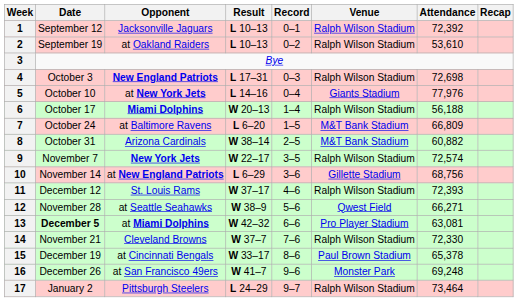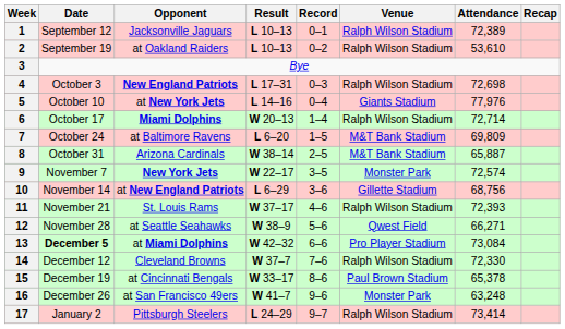 <table class="wikitable" style="text-align:center">
 <tr>
 <th>Week</th>
 <th>Date</th>
 <th>Opponent</th>
 <th>Result</th>
 <th>Record</th>
 <th>Venue</th>
 <th>Attendance</th>
 <th>Recap</th>
 </tr>
 <tr style="background:#fcc">
 <th>1</th>
 <td>September 12</td>
 <td><a href='#'>Jacksonville Jaguars</a></td>
 <td><strong>L</strong> 10–13</td>
 <td>0–1</td>
 <td><a href='#'>Ralph Wilson Stadium</a></td>
-<td>72,392</td>
+<td>72,389</td>
 <td></td>
 </tr>
 <tr style="background:#fcc">
 <th>2</th>
 <td>September 19</td>
 <td>at <a href='#'>Oakland Raiders</a></td>
 <td><strong>L</strong> 10–13</td>
 <td>0–2</td>
 <td>Ralph Wilson Stadium</td>
 <td>53,610</td>
 <td></td>
 </tr>
 <tr>
 <th>3</th>
 <td colspan="7"><em><a href='#'>Bye</a></em></td>
 </tr>
 <tr style="background:#fcc">
 <th>4</th>
 <td>October 3</td>
 <td><strong><a href='#'>New England Patriots</a></strong></td>
 <td><strong>L</strong> 17–31</td>
 <td>0–3</td>
 <td>Ralph Wilson Stadium</td>
 <td>72,698</td>
 <td></td>
 </tr>
 <tr style="background:#fcc">
 <th>5</th>
 <td>October 10</td>
 <td>at <strong><a href='#'>New York Jets</a></strong></td>
 <td><strong>L</strong> 14–16</td>
 <td>0–4</td>
 <td><a href='#'>Giants Stadium</a></td>
 <td>77,976</td>
 <td></td>
 </tr>
 <tr style="background:#cfc">
 <th>6</th>
 <td>October 17</td>
 <td><strong><a href='#'>Miami Dolphins</a></strong></td>
 <td><strong>W</strong> 20–13</td>
 <td>1–4</td>
 <td>Ralph Wilson Stadium</td>
-<td>56,188</td>
+<td>72,714</td>
 <td></td>
 </tr>
 <tr style="background:#fcc">
 <th>7</th>
 <td>October 24</td>
 <td>at <a href='#'>Baltimore Ravens</a></td>
 <td><strong>L</strong> 6–20</td>
 <td>1–5</td>
 <td><a href='#'>M&T Bank Stadium</a></td>
-<td>66,809</td>
+<td>69,809</td>
 <td></td>
 </tr>
 <tr style="background:#cfc">
 <th>8</th>
 <td>October 31</td>
 <td><a href='#'>Arizona Cardinals</a></td>
 <td><strong>W</strong> 38–14</td>
 <td>2–5</td>
 <td><a href='#'>M&T Bank Stadium</a></td>
-<td>60,882</td>
+<td>65,887</td>
 <td></td>
 </tr>
 <tr style="background:#cfc">
 <th>9</th>
 <td>November 7</td>
 <td><strong><a href='#'>New York Jets</a></strong></td>
 <td><strong>W</strong> 22–17</td>
 <td>3–5</td>
-<td>Ralph Wilson Stadium</td>
+<td><a href='#'>Monster Park</a></td>
 <td>72,574</td>
 <td></td>
 </tr>
 <tr style="background:#fcc">
 <th>10</th>
 <td>November 14</td>
 <td>at <strong><a href='#'>New England Patriots</a></strong></td>
 <td><strong>L</strong> 6–29</td>
 <td>3–6</td>
 <td><a href='#'>Gillette Stadium</a></td>
 <td>68,756</td>
 <td></td>
 </tr>
 <tr style="background:#cfc">
 <th>11</th>
-<td>December 12</td>
+<td>November 21</td>
 <td><a href='#'>St. Louis Rams</a></td>
 <td><strong>W</strong> 37–17</td>
 <td>4–6</td>
 <td>Ralph Wilson Stadium</td>
 <td>72,393</td>
 <td></td>
 </tr>
 <tr style="background:#cfc">
 <th>12</th>
 <td>November 28</td>
 <td>at <a href='#'>Seattle Seahawks</a></td>
 <td><strong>W</strong> 38–9</td>
 <td>5–6</td>
 <td><a href='#'>Qwest Field</a></td>
 <td>66,271</td>
 <td></td>
 </tr>
 <tr style="background:#cfc">
 <th>13</th>
 <td><strong>December 5</strong></td>
 <td>at <strong><a href='#'>Miami Dolphins</a></strong></td>
 <td><strong>W</strong> 42–32</td>
 <td>6–6</td>
 <td><a href='#'>Pro Player Stadium</a></td>
-<td>63,081</td>
+<td>73,084</td>
 <td></td>
 </tr>
 <tr style="background:#cfc">
 <th>14</th>
-<td>November 21</td>
+<td>December 12</td>
 <td><a href='#'>Cleveland Browns</a></td>
 <td><strong>W</strong> 37–7</td>
 <td>7–6</td>
 <td>Ralph Wilson Stadium</td>
 <td>72,330</td>
 <td></td>
 </tr>
 <tr style="background:#cfc">
 <th>15</th>
 <td>December 19</td>
 <td>at <a href='#'>Cincinnati Bengals</a></td>
 <td><strong>W</strong> 33–17</td>
 <td>8–6</td>
 <td><a href='#'>Paul Brown Stadium</a></td>
 <td>65,378</td>
 <td></td>
 </tr>
 <tr style="background:#cfc">
 <th>16</th>
 <td>December 26</td>
 <td>at <a href='#'>San Francisco 49ers</a></td>
 <td><strong>W</strong> 41–7</td>
 <td>9–6</td>
 <td><a href='#'>Monster Park</a></td>
-<td>69,248</td>
+<td>63,248</td>
 <td></td>
 </tr>
 <tr style="background:#fcc">
 <th>17</th>
 <td>January 2</td>
 <td><a href='#'>Pittsburgh Steelers</a></td>
 <td><strong>L</strong> 24–29</td>
 <td>9–7</td>
 <td>Ralph Wilson Stadium</td>
-<td>73,464</td>
+<td>73,414</td>
 <td></td>
 </tr>
 </table>
